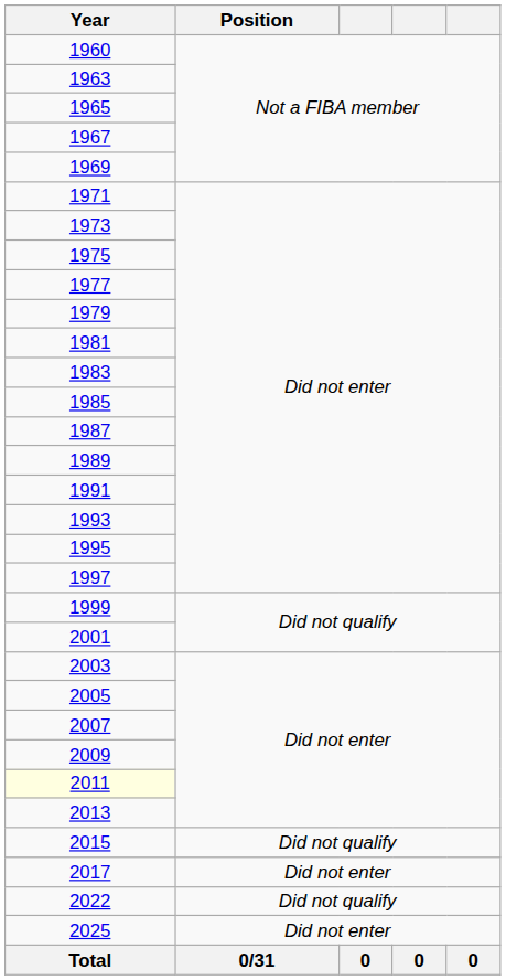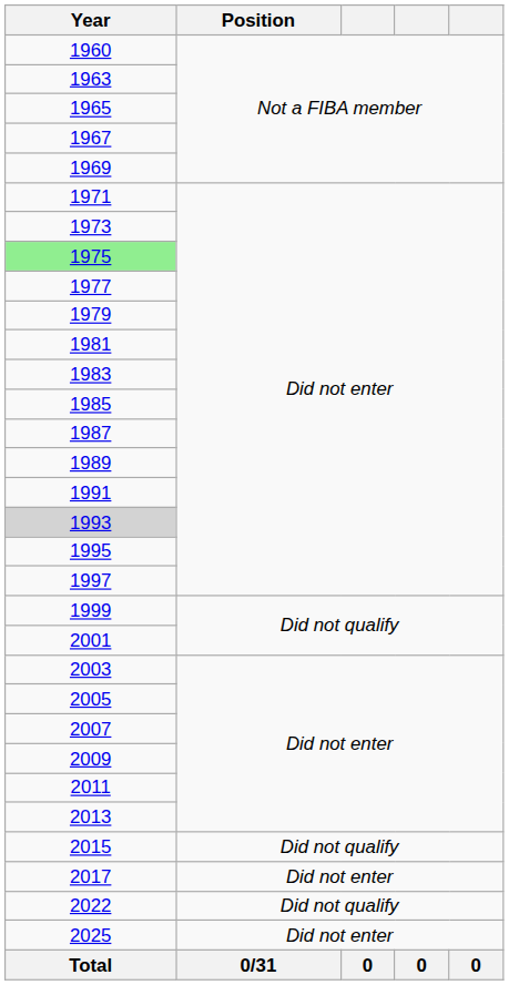 <table class="wikitable" style="text-align: center;font-size:90%;">
 <tr>
 <th width=125>Year</th>
 <th width=120>Position</th>
 <th width=35></th>
 <th width=35></th>
 <th width=35></th>
 </tr>
 <tr>
 <td> <a href='#'>1960</a></td>
 <td colspan="4" rowspan="5"><em>Not a FIBA member</em></td>
 </tr>
 <tr>
 <td> <a href='#'>1963</a></td>
 </tr>
 <tr>
 <td> <a href='#'>1965</a></td>
 </tr>
 <tr>
 <td> <a href='#'>1967</a></td>
 </tr>
 <tr>
 <td> <a href='#'>1969</a></td>
 </tr>
 <tr>
 <td> <a href='#'>1971</a></td>
 <td colspan="4" rowspan="14"><em>Did not enter</em></td>
 </tr>
 <tr>
 <td> <a href='#'>1973</a></td>
 </tr>
 <tr>
-<td> <a href='#'>1975</a></td>
+<td style="background: lightgreen;"> <a href='#'>1975</a></td>
 </tr>
 <tr>
 <td> <a href='#'>1977</a></td>
 </tr>
 <tr>
 <td> <a href='#'>1979</a></td>
 </tr>
 <tr>
 <td> <a href='#'>1981</a></td>
 </tr>
 <tr>
 <td> <a href='#'>1983</a></td>
 </tr>
 <tr>
 <td> <a href='#'>1985</a></td>
 </tr>
 <tr>
 <td> <a href='#'>1987</a></td>
 </tr>
 <tr>
 <td> <a href='#'>1989</a></td>
 </tr>
 <tr>
 <td> <a href='#'>1991</a></td>
 </tr>
 <tr>
-<td> <a href='#'>1993</a></td>
+<td style="background: lightgrey;"> <a href='#'>1993</a></td>
 </tr>
 <tr>
 <td> <a href='#'>1995</a></td>
 </tr>
 <tr>
 <td> <a href='#'>1997</a></td>
 </tr>
 <tr>
 <td> <a href='#'>1999</a></td>
 <td rowspan=2 colspan=4><em>Did not qualify</em></td>
 </tr>
 <tr>
 <td> <a href='#'>2001</a></td>
 </tr>
 <tr>
 <td> <a href='#'>2003</a></td>
 <td rowspan=6 colspan=4><em>Did not enter</em></td>
 </tr>
 <tr>
 <td> <a href='#'>2005</a></td>
 </tr>
 <tr>
 <td> <a href='#'>2007</a></td>
 </tr>
 <tr>
 <td> <a href='#'>2009</a></td>
 </tr>
 <tr>
-<td style="background: lightyellow;"> <a href='#'>2011</a></td>
+<td> <a href='#'>2011</a></td>
 </tr>
 <tr>
 <td> <a href='#'>2013</a></td>
 </tr>
 <tr>
 <td> <a href='#'>2015</a></td>
 <td colspan=4><em>Did not qualify</em></td>
 </tr>
 <tr>
 <td> <a href='#'>2017</a></td>
 <td colspan=4><em>Did not enter</em></td>
 </tr>
 <tr>
 <td> <a href='#'>2022</a></td>
 <td colspan=4><em>Did not qualify</em></td>
 </tr>
 <tr>
 <td> <a href='#'>2025</a></td>
 <td colspan=4><em>Did not enter</em></td>
 </tr>
 <tr>
 <th>Total</th>
 <th>0/31</th>
 <th>0</th>
 <th>0</th>
 <th>0</th>
 </tr>
 </table>
